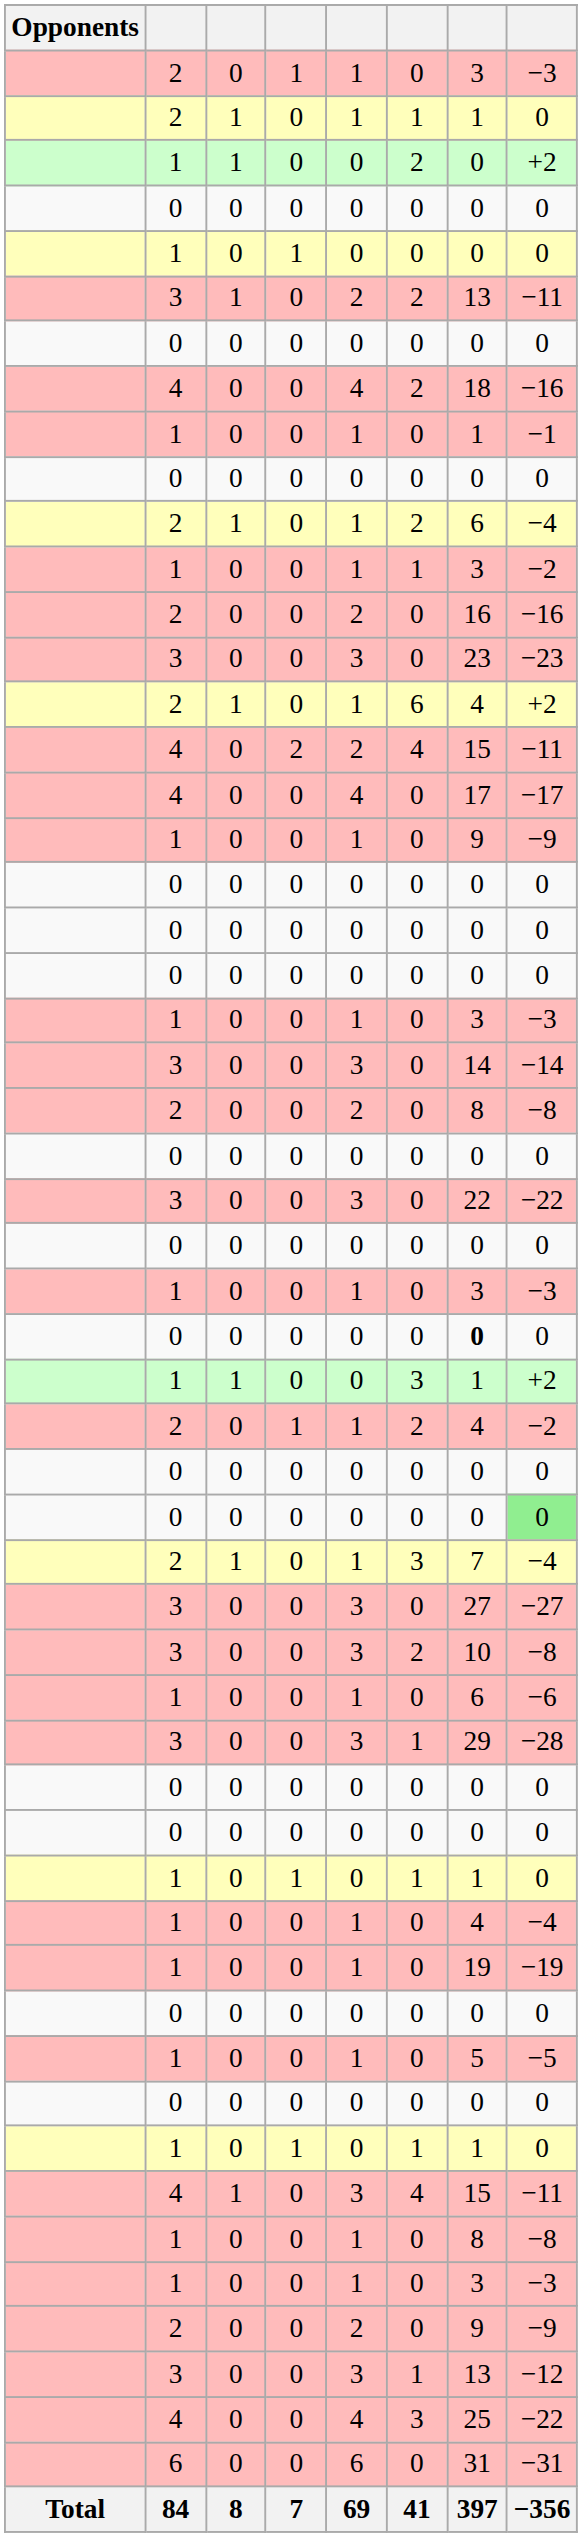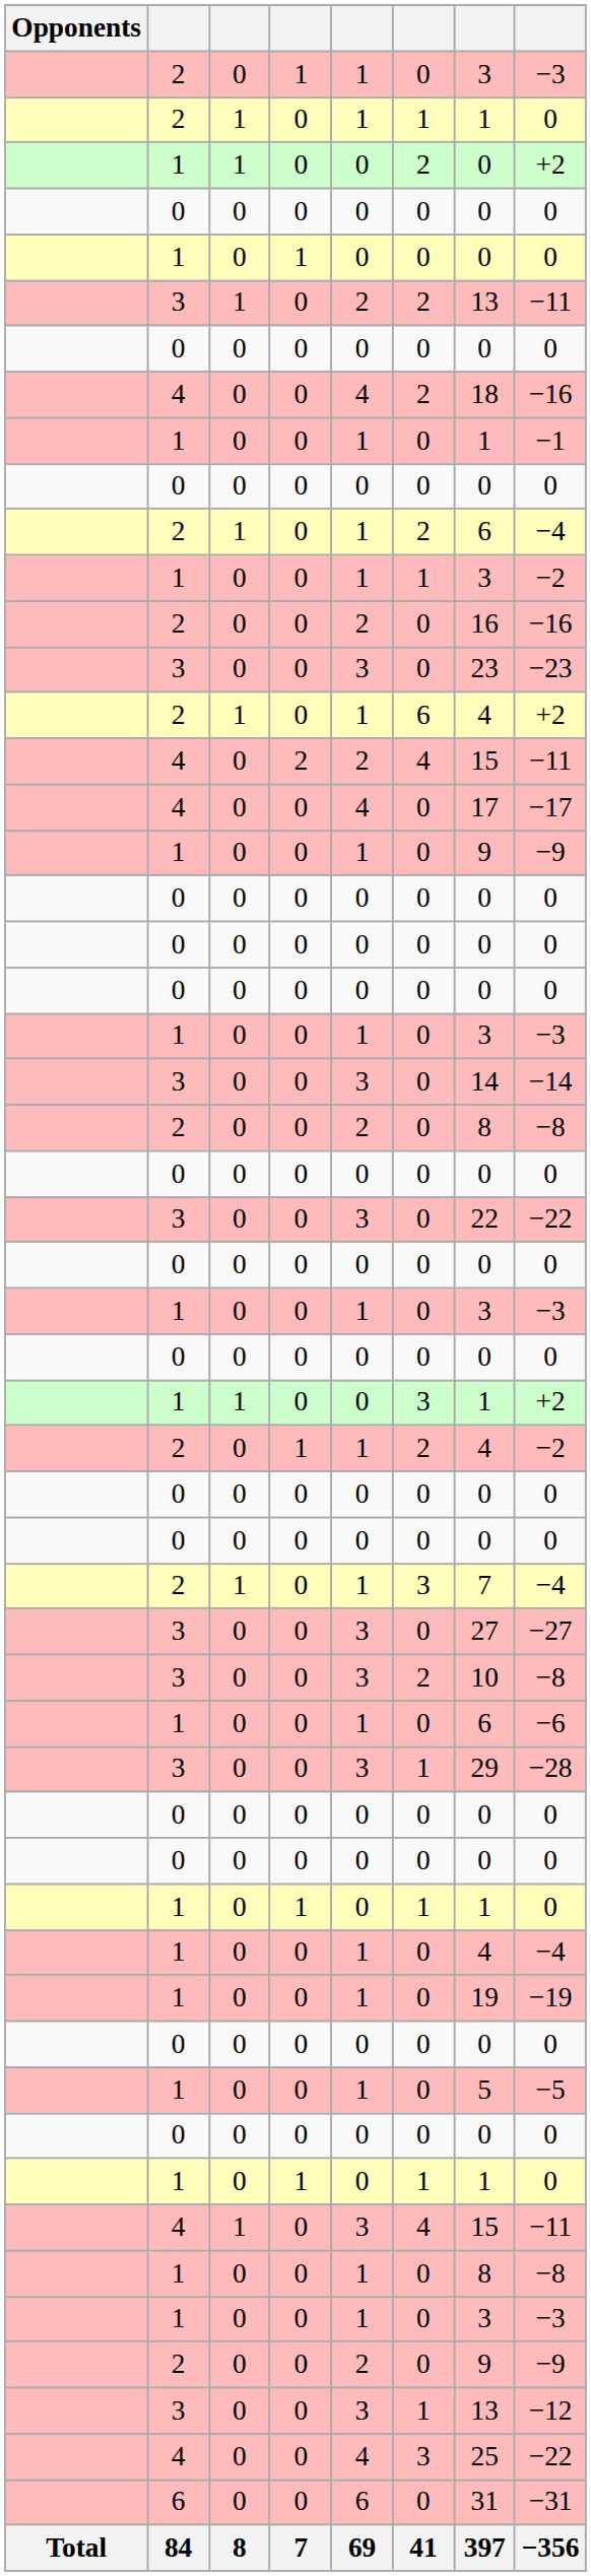 <table class="wikitable sortable collapsed" style="text-align: center; font-size: 90%;">
 <tr>
 </tr>
 <tr>
 <th>Opponents</th>
 <th width=25></th>
 <th width=25></th>
 <th width=25></th>
 <th width=25></th>
 <th width=25></th>
 <th width=25></th>
 <th width=25></th>
 </tr>
 <tr bgcolor="#FFBBBB">
 <td align="left"></td>
 <td>2</td>
 <td>0</td>
 <td>1</td>
 <td>1</td>
 <td>0</td>
 <td>3</td>
 <td>−3</td>
 </tr>
 <tr bgcolor="#FFFFBB">
 <td align="left"></td>
 <td>2</td>
 <td>1</td>
 <td>0</td>
 <td>1</td>
 <td>1</td>
 <td>1</td>
 <td>0</td>
 </tr>
 <tr bgcolor="#CCFFCC">
 <td align="left"></td>
 <td>1</td>
 <td>1</td>
 <td>0</td>
 <td>0</td>
 <td>2</td>
 <td>0</td>
 <td>+2</td>
 </tr>
 <tr>
 <td align="left"></td>
 <td>0</td>
 <td>0</td>
 <td>0</td>
 <td>0</td>
 <td>0</td>
 <td>0</td>
 <td>0</td>
 </tr>
 <tr bgcolor="#FFFFBB">
 <td align="left"></td>
 <td>1</td>
 <td>0</td>
 <td>1</td>
 <td>0</td>
 <td>0</td>
 <td>0</td>
 <td>0</td>
 </tr>
 <tr bgcolor="#FFBBBB">
 <td align="left"></td>
 <td>3</td>
 <td>1</td>
 <td>0</td>
 <td>2</td>
 <td>2</td>
 <td>13</td>
 <td>−11</td>
 </tr>
 <tr>
 <td align="left"></td>
 <td>0</td>
 <td>0</td>
 <td>0</td>
 <td>0</td>
 <td>0</td>
 <td>0</td>
 <td>0</td>
 </tr>
 <tr bgcolor="#FFBBBB">
 <td align="left"></td>
 <td>4</td>
 <td>0</td>
 <td>0</td>
 <td>4</td>
 <td>2</td>
 <td>18</td>
 <td>−16</td>
 </tr>
 <tr bgcolor="#FFBBBB">
 <td align="left"></td>
 <td>1</td>
 <td>0</td>
 <td>0</td>
 <td>1</td>
 <td>0</td>
 <td>1</td>
 <td>−1</td>
 </tr>
 <tr>
 <td align="left"></td>
 <td>0</td>
 <td>0</td>
 <td>0</td>
 <td>0</td>
 <td>0</td>
 <td>0</td>
 <td>0</td>
 </tr>
 <tr bgcolor="#FFFFBB">
 <td align="left"></td>
 <td>2</td>
 <td>1</td>
 <td>0</td>
 <td>1</td>
 <td>2</td>
 <td>6</td>
 <td>−4</td>
 </tr>
 <tr bgcolor="#FFBBBB">
 <td align="left"></td>
 <td>1</td>
 <td>0</td>
 <td>0</td>
 <td>1</td>
 <td>1</td>
 <td>3</td>
 <td>−2</td>
 </tr>
 <tr bgcolor="#FFBBBB">
 <td align="left"></td>
 <td>2</td>
 <td>0</td>
 <td>0</td>
 <td>2</td>
 <td>0</td>
 <td>16</td>
 <td>−16</td>
 </tr>
 <tr bgcolor="#FFBBBB">
 <td align="left"></td>
 <td>3</td>
 <td>0</td>
 <td>0</td>
 <td>3</td>
 <td>0</td>
 <td>23</td>
 <td>−23</td>
 </tr>
 <tr bgcolor="#FFFFBB">
 <td align="left"></td>
 <td>2</td>
 <td>1</td>
 <td>0</td>
 <td>1</td>
 <td>6</td>
 <td>4</td>
 <td>+2</td>
 </tr>
 <tr bgcolor="#FFBBBB">
 <td align="left"></td>
 <td>4</td>
 <td>0</td>
 <td>2</td>
 <td>2</td>
 <td>4</td>
 <td>15</td>
 <td>−11</td>
 </tr>
 <tr bgcolor="#FFBBBB">
 <td align="left"></td>
 <td>4</td>
 <td>0</td>
 <td>0</td>
 <td>4</td>
 <td>0</td>
 <td>17</td>
 <td>−17</td>
 </tr>
 <tr bgcolor="#FFBBBB">
 <td align="left"></td>
 <td>1</td>
 <td>0</td>
 <td>0</td>
 <td>1</td>
 <td>0</td>
 <td>9</td>
 <td>−9</td>
 </tr>
 <tr>
 <td align="left"></td>
 <td>0</td>
 <td>0</td>
 <td>0</td>
 <td>0</td>
 <td>0</td>
 <td>0</td>
 <td>0</td>
 </tr>
 <tr>
 <td align="left"></td>
 <td>0</td>
 <td>0</td>
 <td>0</td>
 <td>0</td>
 <td>0</td>
 <td>0</td>
 <td>0</td>
 </tr>
 <tr>
 <td align="left"></td>
 <td>0</td>
 <td>0</td>
 <td>0</td>
 <td>0</td>
 <td>0</td>
 <td>0</td>
 <td>0</td>
 </tr>
 <tr bgcolor="#FFBBBB">
 <td align="left"></td>
 <td>1</td>
 <td>0</td>
 <td>0</td>
 <td>1</td>
 <td>0</td>
 <td>3</td>
 <td>−3</td>
 </tr>
 <tr bgcolor="#FFBBBB">
 <td align="left"></td>
 <td>3</td>
 <td>0</td>
 <td>0</td>
 <td>3</td>
 <td>0</td>
 <td>14</td>
 <td>−14</td>
 </tr>
 <tr bgcolor="#FFBBBB">
 <td align="left"></td>
 <td>2</td>
 <td>0</td>
 <td>0</td>
 <td>2</td>
 <td>0</td>
 <td>8</td>
 <td>−8</td>
 </tr>
 <tr>
 <td align="left"></td>
 <td>0</td>
 <td>0</td>
 <td>0</td>
 <td>0</td>
 <td>0</td>
 <td>0</td>
 <td>0</td>
 </tr>
 <tr bgcolor="#FFBBBB">
 <td align="left"></td>
 <td>3</td>
 <td>0</td>
 <td>0</td>
 <td>3</td>
 <td>0</td>
 <td>22</td>
 <td>−22</td>
 </tr>
 <tr>
 <td align="left"></td>
 <td>0</td>
 <td>0</td>
 <td>0</td>
 <td>0</td>
 <td>0</td>
 <td>0</td>
 <td>0</td>
 </tr>
 <tr bgcolor="#FFBBBB">
 <td align="left"></td>
 <td>1</td>
 <td>0</td>
 <td>0</td>
 <td>1</td>
 <td>0</td>
 <td>3</td>
 <td>−3</td>
 </tr>
 <tr>
 <td align="left"></td>
 <td>0</td>
 <td>0</td>
 <td>0</td>
 <td>0</td>
 <td>0</td>
-<td><strong>0</strong></td>
+<td>0</td>
 <td>0</td>
 </tr>
 <tr bgcolor="#CCFFCC">
 <td align="left"></td>
 <td>1</td>
 <td>1</td>
 <td>0</td>
 <td>0</td>
 <td>3</td>
 <td>1</td>
 <td>+2</td>
 </tr>
 <tr bgcolor="#FFBBBB">
 <td align="left"></td>
 <td>2</td>
 <td>0</td>
 <td>1</td>
 <td>1</td>
 <td>2</td>
 <td>4</td>
 <td>−2</td>
 </tr>
 <tr>
 <td align="left"></td>
 <td>0</td>
 <td>0</td>
 <td>0</td>
 <td>0</td>
 <td>0</td>
 <td>0</td>
 <td>0</td>
 </tr>
 <tr>
 <td align="left"></td>
 <td>0</td>
 <td>0</td>
 <td>0</td>
 <td>0</td>
 <td>0</td>
 <td>0</td>
-<td style="background: lightgreen;">0</td>
+<td>0</td>
 </tr>
 <tr bgcolor="#FFFFBB">
 <td align="left"></td>
 <td>2</td>
 <td>1</td>
 <td>0</td>
 <td>1</td>
 <td>3</td>
 <td>7</td>
 <td>−4</td>
 </tr>
 <tr bgcolor="#FFBBBB">
 <td align="left"></td>
 <td>3</td>
 <td>0</td>
 <td>0</td>
 <td>3</td>
 <td>0</td>
 <td>27</td>
 <td>−27</td>
 </tr>
 <tr bgcolor="#FFBBBB">
 <td align="left"></td>
 <td>3</td>
 <td>0</td>
 <td>0</td>
 <td>3</td>
 <td>2</td>
 <td>10</td>
 <td>−8</td>
 </tr>
 <tr bgcolor="#FFBBBB">
 <td align="left"></td>
 <td>1</td>
 <td>0</td>
 <td>0</td>
 <td>1</td>
 <td>0</td>
 <td>6</td>
 <td>−6</td>
 </tr>
 <tr bgcolor="#FFBBBB">
 <td align="left"></td>
 <td>3</td>
 <td>0</td>
 <td>0</td>
 <td>3</td>
 <td>1</td>
 <td>29</td>
 <td>−28</td>
 </tr>
 <tr>
 <td align="left"></td>
 <td>0</td>
 <td>0</td>
 <td>0</td>
 <td>0</td>
 <td>0</td>
 <td>0</td>
 <td>0</td>
 </tr>
 <tr>
 <td align="left"></td>
 <td>0</td>
 <td>0</td>
 <td>0</td>
 <td>0</td>
 <td>0</td>
 <td>0</td>
 <td>0</td>
 </tr>
 <tr bgcolor="#FFFFBB">
 <td align="left"></td>
 <td>1</td>
 <td>0</td>
 <td>1</td>
 <td>0</td>
 <td>1</td>
 <td>1</td>
 <td>0</td>
 </tr>
 <tr bgcolor="#FFBBBB">
 <td align="left"></td>
 <td>1</td>
 <td>0</td>
 <td>0</td>
 <td>1</td>
 <td>0</td>
 <td>4</td>
 <td>−4</td>
 </tr>
 <tr bgcolor="#FFBBBB">
 <td align="left"></td>
 <td>1</td>
 <td>0</td>
 <td>0</td>
 <td>1</td>
 <td>0</td>
 <td>19</td>
 <td>−19</td>
 </tr>
 <tr>
 <td align="left"></td>
 <td>0</td>
 <td>0</td>
 <td>0</td>
 <td>0</td>
 <td>0</td>
 <td>0</td>
 <td>0</td>
 </tr>
 <tr bgcolor="#FFBBBB">
 <td align="left"></td>
 <td>1</td>
 <td>0</td>
 <td>0</td>
 <td>1</td>
 <td>0</td>
 <td>5</td>
 <td>−5</td>
 </tr>
 <tr>
 <td align="left"></td>
 <td>0</td>
 <td>0</td>
 <td>0</td>
 <td>0</td>
 <td>0</td>
 <td>0</td>
 <td>0</td>
 </tr>
 <tr bgcolor="#FFFFBB">
 <td align="left"></td>
 <td>1</td>
 <td>0</td>
 <td>1</td>
 <td>0</td>
 <td>1</td>
 <td>1</td>
 <td>0</td>
 </tr>
 <tr bgcolor="#FFBBBB">
 <td align="left"></td>
 <td>4</td>
 <td>1</td>
 <td>0</td>
 <td>3</td>
 <td>4</td>
 <td>15</td>
 <td>−11</td>
 </tr>
 <tr bgcolor="#FFBBBB">
 <td align="left"></td>
 <td>1</td>
 <td>0</td>
 <td>0</td>
 <td>1</td>
 <td>0</td>
 <td>8</td>
 <td>−8</td>
 </tr>
 <tr bgcolor="#FFBBBB">
 <td align="left"></td>
 <td>1</td>
 <td>0</td>
 <td>0</td>
 <td>1</td>
 <td>0</td>
 <td>3</td>
 <td>−3</td>
 </tr>
 <tr bgcolor="#FFBBBB">
 <td align="left"></td>
 <td>2</td>
 <td>0</td>
 <td>0</td>
 <td>2</td>
 <td>0</td>
 <td>9</td>
 <td>−9</td>
 </tr>
 <tr bgcolor="#FFBBBB">
 <td align="left"></td>
 <td>3</td>
 <td>0</td>
 <td>0</td>
 <td>3</td>
 <td>1</td>
 <td>13</td>
 <td>−12</td>
 </tr>
 <tr bgcolor="#FFBBBB">
 <td align="left"></td>
 <td>4</td>
 <td>0</td>
 <td>0</td>
 <td>4</td>
 <td>3</td>
 <td>25</td>
 <td>−22</td>
 </tr>
 <tr bgcolor="#FFBBBB">
 <td align="left"></td>
 <td>6</td>
 <td>0</td>
 <td>0</td>
 <td>6</td>
 <td>0</td>
 <td>31</td>
 <td>−31</td>
 </tr>
 <tr class="sortbot">
 <th>Total</th>
 <th>84</th>
 <th>8</th>
 <th>7</th>
 <th>69</th>
 <th>41</th>
 <th>397</th>
 <th>−356</th>
 </tr>
 </table>
